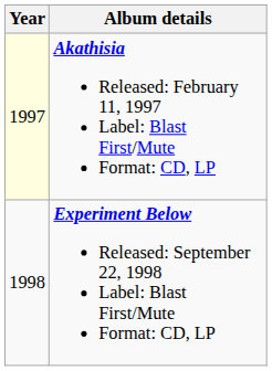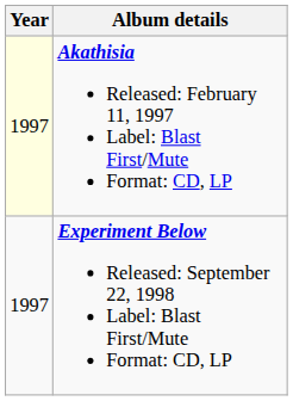 <table class ="wikitable">
 <tr>
 <th>Year</th>
 <th width="185">Album details</th>
 </tr>
 <tr>
 <td style="background: lightyellow;">1997</td>
 <td><strong><em><a href='#'>Akathisia</a></em></strong><br><ul><li>Released: February 11, 1997</li><li>Label: <a href='#'>Blast First</a>/<a href='#'>Mute</a></li><li>Format: <a href='#'>CD</a>, <a href='#'>LP</a></li></ul></td>
 </tr>
 <tr>
-<td>1998</td>
+<td>1997</td>
 <td><strong><em><a href='#'>Experiment Below</a></em></strong><br><ul><li>Released: September 22, 1998</li><li>Label: Blast First/Mute</li><li>Format: CD, LP</li></ul></td>
 </tr>
 </table>
